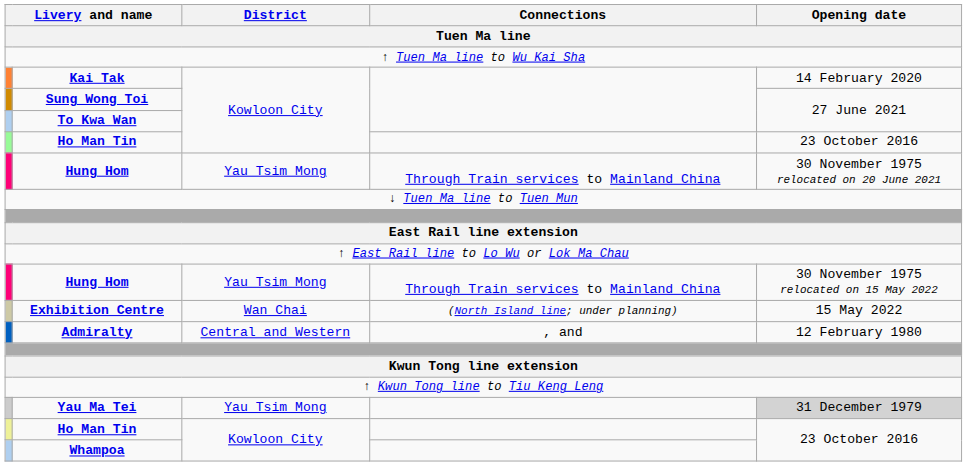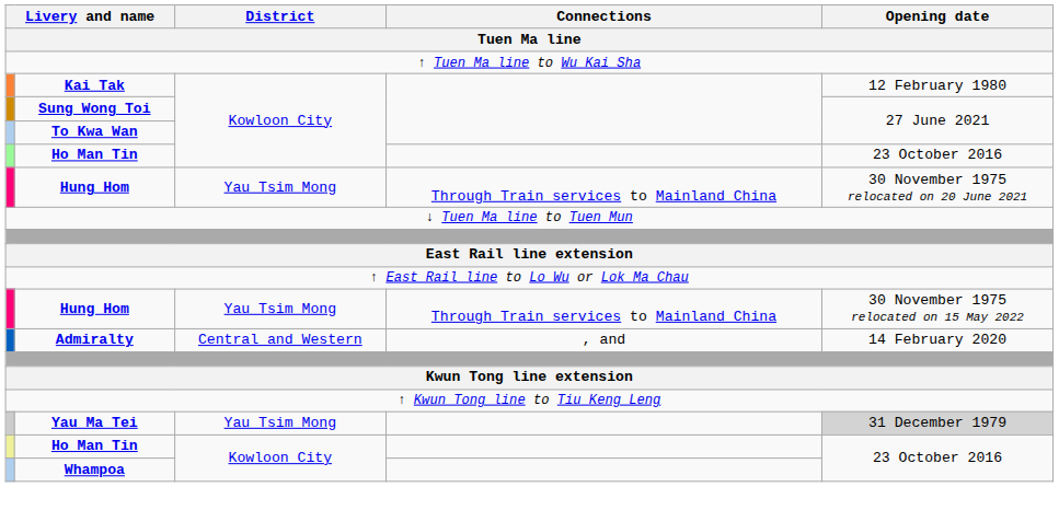 <table class="wikitable" style="width: 75%; margin: 0.5em auto; text-align: center;">
 <tr>
 <th colspan=2><a href='#'>Livery</a> and name</th>
 <th><a href='#'>District</a></th>
 <th>Connections</th>
 <th>Opening date</th>
 </tr>
 <tr>
 <th colspan=5 style="border-top:solid 5px #">Tuen Ma line</th>
 </tr>
 <tr>
 <td colspan=5 style="font-size:small;"><em>↑ <a href='#'>Tuen Ma line</a> to <a href='#'>Wu Kai Sha</a></em></td>
 </tr>
 <tr>
 <td style="background: #FF8133;"></td>
 <td><strong><a href='#'>Kai Tak</a></strong></td>
 <td rowspan=4><a href='#'>Kowloon City</a></td>
 <td rowspan=3></td>
-<td>14 February 2020</td>
+<td>12 February 1980</td>
 </tr>
 <tr>
 <td style="background: #d08a00;"></td>
 <td><strong><a href='#'>Sung Wong Toi</a></strong></td>
 <td rowspan="2">27 June 2021</td>
 </tr>
 <tr>
 <td style="background: #AECFF0;"></td>
 <td><strong><a href='#'>To Kwa Wan</a></strong></td>
 </tr>
 <tr>
 <td style="background: #98FB98;"></td>
 <td><strong><a href='#'>Ho Man Tin</a></strong></td>
 <td></td>
 <td>23 October 2016</td>
 </tr>
 <tr>
 <td style="background: #FF0077;"></td>
 <td><strong><a href='#'>Hung Hom</a></strong></td>
 <td><a href='#'>Yau Tsim Mong</a></td>
 <td><br><a href='#'>Through Train services</a> to <a href='#'>Mainland China</a></td>
 <td>30 November 1975<small><br><em>relocated on 20 June 2021</em></small></td>
 </tr>
 <tr>
 <td colspan=5 style="font-size:small;"><em>↓ <a href='#'>Tuen Ma line</a> to <a href='#'>Tuen Mun</a></em></td>
 </tr>
 <tr>
 <td colspan=5 style="border:none; background:#AAA; height:0.5em;"></td>
 </tr>
 <tr>
 <th colspan=5 style="border-top:solid 5px #">East Rail line extension</th>
 </tr>
 <tr>
 <td colspan=5 style="font-size:small;"><em>↑ <a href='#'>East Rail line</a> to <a href='#'>Lo Wu</a> or <a href='#'>Lok Ma Chau</a></em></td>
 </tr>
 <tr>
 <td style="background: #FF0077;"></td>
 <td><strong><a href='#'>Hung Hom</a></strong></td>
 <td><a href='#'>Yau Tsim Mong</a></td>
 <td><br><a href='#'>Through Train services</a> to <a href='#'>Mainland China</a></td>
 <td>30 November 1975<small><br><em>relocated on 15 May 2022</em></small></td>
 </tr>
 <tr>
-<td style="background: #CDC9A5;"></td>
-<td><strong><a href='#'>Exhibition Centre</a></strong></td>
-<td><a href='#'>Wan Chai</a></td>
-<td><em> <span><small>(<a href='#'>North Island line</a>; under planning)</small></span></em></td>
-<td>15 May 2022</td>
-</tr>
-<tr>
 <td style="background: #0060C0;"></td>
 <td><strong><a href='#'>Admiralty</a></strong></td>
 <td><a href='#'>Central and Western</a></td>
 <td>,  and<br></td>
-<td>12 February 1980</td>
+<td>14 February 2020</td>
 </tr>
 <tr>
 <td colspan=5 style="border:none; background:#AAA; height:0.5em;"></td>
 </tr>
 <tr>
 <th colspan=5 style="border-top:solid 5px #">Kwun Tong line extension</th>
 </tr>
 <tr>
 <td colspan=5 style="font-size:small;"><em>↑ <a href='#'>Kwun Tong line</a> to <a href='#'>Tiu Keng Leng</a></em></td>
 </tr>
 <tr>
 <td style="background: #CCCCCC;"></td>
 <td><strong><a href='#'>Yau Ma Tei</a></strong></td>
 <td><a href='#'>Yau Tsim Mong</a></td>
 <td></td>
 <td style="background: lightgrey;">31 December 1979</td>
 </tr>
 <tr>
 <td style="background: #EEF198;"></td>
 <td><strong><a href='#'>Ho Man Tin</a></strong></td>
 <td rowspan=2><a href='#'>Kowloon City</a></td>
 <td></td>
 <td rowspan=2>23 October 2016</td>
 </tr>
 <tr>
 <td style="background: #AECFF0;"></td>
 <td><strong><a href='#'>Whampoa</a></strong></td>
 <td></td>
 </tr>
 </table>
